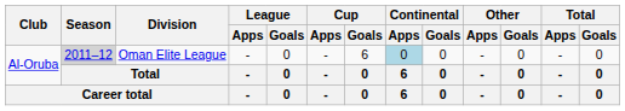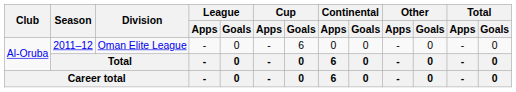 <table class="wikitable" style="text-align: center;">
 <tr>
 <th rowspan="2">Club</th>
 <th rowspan="2">Season</th>
 <th rowspan="2">Division</th>
 <th colspan="2">League</th>
 <th colspan="2">Cup</th>
 <th colspan="2">Continental</th>
 <th colspan="2">Other</th>
 <th colspan="2">Total</th>
 </tr>
 <tr>
 <th>Apps</th>
 <th>Goals</th>
 <th>Apps</th>
 <th>Goals</th>
 <th>Apps</th>
 <th>Goals</th>
 <th>Apps</th>
 <th>Goals</th>
 <th>Apps</th>
 <th>Goals</th>
 </tr>
 <tr>
 <td rowspan="2"><a href='#'>Al-Oruba</a></td>
-<td style="background: lightgrey;"><a href='#'>2011–12</a></td>
+<td><a href='#'>2011–12</a></td>
 <td rowspan="1"><a href='#'>Oman Elite League</a></td>
 <td>-</td>
 <td>0</td>
 <td>-</td>
 <td>6</td>
-<td style="background: lightblue;">0</td>
+<td>0</td>
 <td>0</td>
 <td>-</td>
 <td>0</td>
 <td>-</td>
 <td>0</td>
 </tr>
 <tr>
 <th colspan="2">Total</th>
 <th>-</th>
 <th>0</th>
 <th>-</th>
 <th>0</th>
 <th>6</th>
 <th>0</th>
 <th>-</th>
 <th>0</th>
 <th>-</th>
 <th>0</th>
 </tr>
 <tr>
 <th colspan="3">Career total</th>
 <th>-</th>
 <th>0</th>
 <th>-</th>
 <th>0</th>
 <th>6</th>
 <th>0</th>
 <th>-</th>
 <th>0</th>
 <th>-</th>
 <th>0</th>
 </tr>
 </table>
